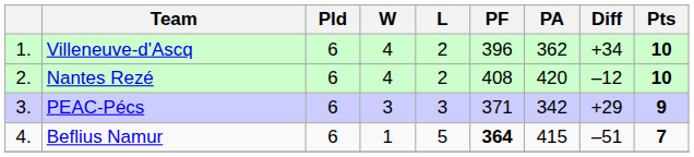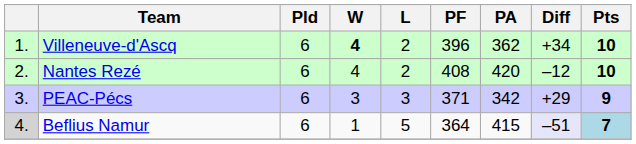 <table class="wikitable" style="text-align:center">
 <tr>
 <th width=25></th>
 <th width=220>Team</th>
 <th width=40>Pld</th>
 <th width=40>W</th>
 <th width=40>L</th>
 <th width=40>PF</th>
 <th width=40>PA</th>
 <th width=40>Diff</th>
 <th width=40>Pts</th>
 </tr>
 <tr style="background:#cfc;">
 <td>1.</td>
 <td align=left> <a href='#'>Villeneuve-d'Ascq</a></td>
 <td>6</td>
-<td>4</td>
+<td><strong>4</strong></td>
 <td>2</td>
 <td>396</td>
 <td>362</td>
 <td>+34</td>
 <td><strong>10</strong></td>
 </tr>
 <tr style="background:#cfc;">
 <td>2.</td>
 <td align=left> <a href='#'>Nantes Rezé</a></td>
 <td>6</td>
 <td>4</td>
 <td>2</td>
 <td>408</td>
 <td>420</td>
 <td>–12</td>
 <td><strong>10</strong></td>
 </tr>
 <tr style="background:#ccccff;">
 <td>3.</td>
 <td align=left> <a href='#'>PEAC-Pécs</a></td>
 <td>6</td>
 <td>3</td>
 <td>3</td>
 <td>371</td>
 <td>342</td>
 <td>+29</td>
 <td><strong>9</strong></td>
 </tr>
 <tr>
-<td>4.</td>
+<td style="background: lightgrey;">4.</td>
 <td align=left> <a href='#'>Beflius Namur</a></td>
 <td>6</td>
 <td>1</td>
 <td>5</td>
-<td><strong>364</strong></td>
+<td>364</td>
 <td>415</td>
-<td>–51</td>
-<td><strong>7</strong></td>
+<td style="background: lavender;">–51</td>
+<td style="background: lightblue;"><strong>7</strong></td>
 </tr>
 <tr>
 </tr>
 </table>
